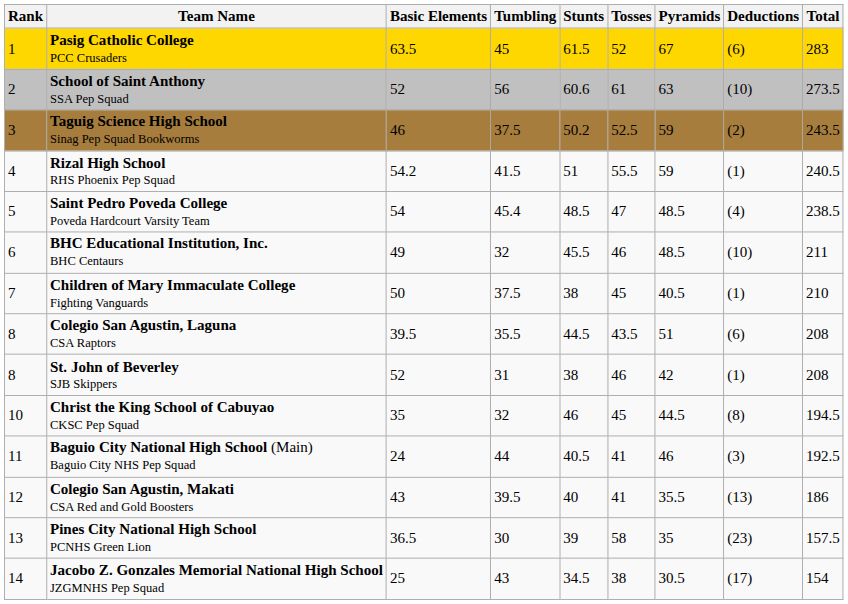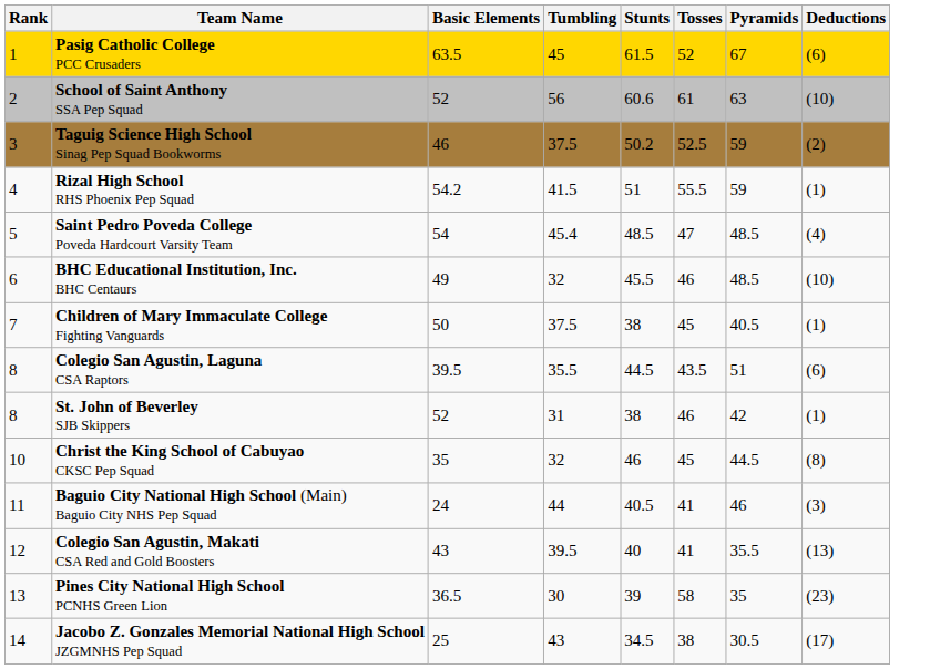 <table class="wikitable" style="text align: center">
 <tr bgcolor="#efefef">
 <th>Rank</th>
 <th>Team Name</th>
 <th>Basic Elements</th>
 <th>Tumbling</th>
 <th>Stunts</th>
 <th>Tosses</th>
 <th>Pyramids</th>
 <th>Deductions</th>
-<th>Total</th>
 </tr>
 <tr bgcolor="gold">
 <td>1</td>
 <td><strong>Pasig Catholic College</strong> <br> <small>PCC Crusaders</small></td>
 <td>63.5</td>
 <td>45</td>
 <td>61.5</td>
 <td>52</td>
 <td>67</td>
 <td>(6)</td>
-<td>283</td>
 </tr>
 <tr bgcolor="silver">
 <td>2</td>
 <td><strong>School of Saint Anthony</strong> <br> <small>SSA Pep Squad</small></td>
 <td>52</td>
 <td>56</td>
 <td>60.6</td>
 <td>61</td>
 <td>63</td>
 <td>(10)</td>
-<td>273.5</td>
 </tr>
 <tr bgcolor="#A67D3D">
 <td>3</td>
 <td><strong>Taguig Science High School</strong> <br> <small>Sinag Pep Squad Bookworms</small></td>
 <td>46</td>
 <td>37.5</td>
 <td>50.2</td>
 <td>52.5</td>
 <td>59</td>
 <td>(2)</td>
-<td>243.5</td>
 </tr>
 <tr>
 <td>4</td>
 <td><strong>Rizal High School</strong> <br> <small>RHS Phoenix Pep Squad</small></td>
 <td>54.2</td>
 <td>41.5</td>
 <td>51</td>
 <td>55.5</td>
 <td>59</td>
 <td>(1)</td>
-<td>240.5</td>
 </tr>
 <tr>
 <td>5</td>
 <td><strong>Saint Pedro Poveda College</strong> <br> <small>Poveda Hardcourt Varsity Team</small></td>
 <td>54</td>
 <td>45.4</td>
 <td>48.5</td>
 <td>47</td>
 <td>48.5</td>
 <td>(4)</td>
-<td>238.5</td>
 </tr>
 <tr>
 <td>6</td>
 <td><strong>BHC Educational Institution, Inc.</strong> <br> <small>BHC Centaurs</small></td>
 <td>49</td>
 <td>32</td>
 <td>45.5</td>
 <td>46</td>
 <td>48.5</td>
 <td>(10)</td>
-<td>211</td>
 </tr>
 <tr>
 <td>7</td>
 <td><strong>Children of Mary Immaculate College</strong> <br> <small>Fighting Vanguards</small></td>
 <td>50</td>
 <td>37.5</td>
 <td>38</td>
 <td>45</td>
 <td>40.5</td>
 <td>(1)</td>
-<td>210</td>
 </tr>
 <tr>
 <td>8</td>
 <td><strong>Colegio San Agustin, Laguna</strong> <br> <small>CSA Raptors</small></td>
 <td>39.5</td>
 <td>35.5</td>
 <td>44.5</td>
 <td>43.5</td>
 <td>51</td>
 <td>(6)</td>
-<td>208</td>
 </tr>
 <tr>
 <td>8</td>
 <td><strong>St. John of Beverley</strong> <br> <small>SJB Skippers</small></td>
 <td>52</td>
 <td>31</td>
 <td>38</td>
 <td>46</td>
 <td>42</td>
 <td>(1)</td>
-<td>208</td>
 </tr>
 <tr>
 <td>10</td>
 <td><strong>Christ the King School of Cabuyao</strong> <br> <small>CKSC Pep Squad</small></td>
 <td>35</td>
 <td>32</td>
 <td>46</td>
 <td>45</td>
 <td>44.5</td>
 <td>(8)</td>
-<td>194.5</td>
 </tr>
 <tr>
 <td>11</td>
 <td><strong>Baguio City National High School</strong> (Main) <br> <small>Baguio City NHS Pep Squad</small></td>
 <td>24</td>
 <td>44</td>
 <td>40.5</td>
 <td>41</td>
 <td>46</td>
 <td>(3)</td>
-<td>192.5</td>
 </tr>
 <tr>
 <td>12</td>
 <td><strong>Colegio San Agustin, Makati</strong> <br> <small>CSA Red and Gold Boosters</small></td>
 <td>43</td>
 <td>39.5</td>
 <td>40</td>
 <td>41</td>
 <td>35.5</td>
 <td>(13)</td>
-<td>186</td>
 </tr>
 <tr>
 <td>13</td>
 <td><strong>Pines City National High School</strong> <br> <small>PCNHS Green Lion</small></td>
 <td>36.5</td>
 <td>30</td>
 <td>39</td>
 <td>58</td>
 <td>35</td>
 <td>(23)</td>
-<td>157.5</td>
 </tr>
 <tr>
 <td>14</td>
 <td><strong>Jacobo Z. Gonzales Memorial National High School</strong> <br> <small>JZGMNHS Pep Squad</small></td>
 <td>25</td>
 <td>43</td>
 <td>34.5</td>
 <td>38</td>
 <td>30.5</td>
 <td>(17)</td>
-<td>154</td>
 </tr>
 </table>
